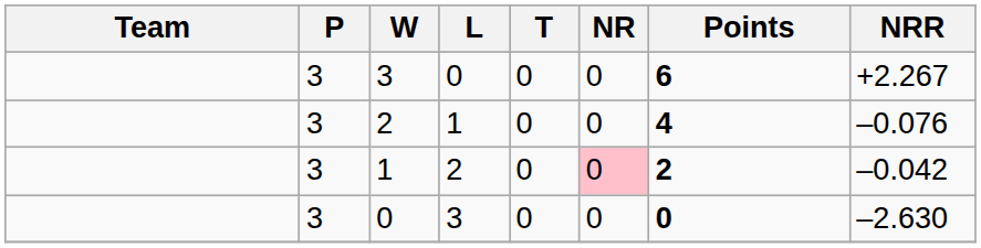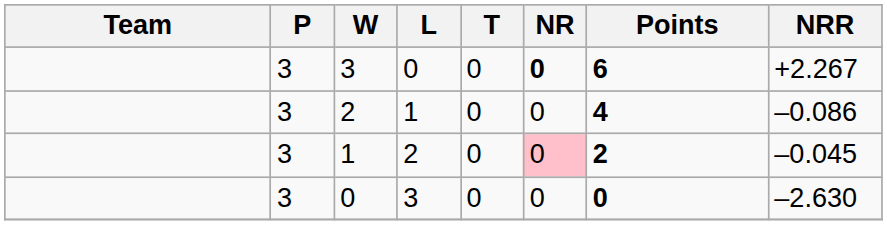 <table class="wikitable">
 <tr>
 <th width=150>Team</th>
 <th width=30 abbr="Played">P</th>
 <th width=30 abbr="Won">W</th>
 <th width=30 abbr="Lost">L</th>
 <th width=30 abbr="Tied">T</th>
 <th width=30 abbr="No result">NR</th>
 <th width=100 abbr="Points">Points</th>
 <th width=60 abbr="Net run rate">NRR</th>
 </tr>
 <tr>
 <td align="left"></td>
 <td>3</td>
 <td>3</td>
 <td>0</td>
 <td>0</td>
-<td>0</td>
+<td><strong>0</strong></td>
 <td><strong>6</strong></td>
 <td>+2.267</td>
 </tr>
 <tr>
 <td align="left"></td>
 <td>3</td>
 <td>2</td>
 <td>1</td>
 <td>0</td>
 <td>0</td>
 <td><strong>4</strong></td>
-<td>–0.076</td>
+<td>–0.086</td>
 </tr>
 <tr>
 <td align="left"></td>
 <td>3</td>
 <td>1</td>
 <td>2</td>
 <td>0</td>
 <td style="background: pink;">0</td>
 <td><strong>2</strong></td>
-<td>–0.042</td>
+<td>–0.045</td>
 </tr>
 <tr>
 <td align="left"></td>
 <td>3</td>
 <td>0</td>
 <td>3</td>
 <td>0</td>
 <td>0</td>
 <td><strong>0</strong></td>
 <td>–2.630</td>
 </tr>
 <tr>
 </tr>
 </table>
